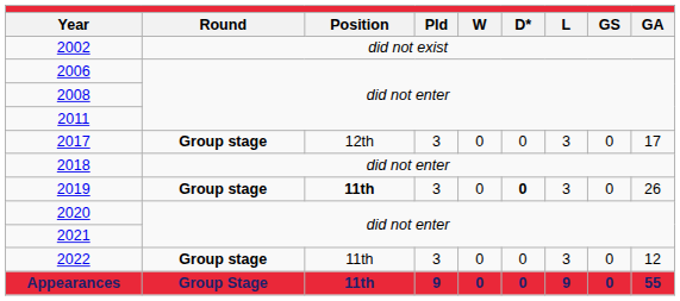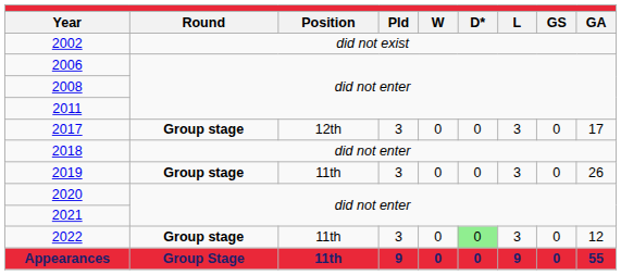 <table class="wikitable" style="text-align: center;font-size:90%;">
 <tr>
 <th colspan="9" style="background: #EA2839; color: #1A206D;"><a href='#'></a></th>
 </tr>
 <tr>
 <th width=125>Year</th>
 <th width=150>Round</th>
 <th width=100>Position</th>
 <th width=35>Pld</th>
 <th width=35>W</th>
 <th width=35>D*</th>
 <th width=35>L</th>
 <th width=35>GS</th>
 <th width=35>GA</th>
 </tr>
 <tr>
 <td> <a href='#'>2002</a></td>
 <td colspan ="8"><em>did not exist</em></td>
 </tr>
 <tr>
 <td> <a href='#'>2006</a></td>
 <td colspan ="8" rowspan="3"><em>did not enter</em></td>
 </tr>
 <tr>
 <td> <a href='#'>2008</a></td>
 </tr>
 <tr>
 <td> <a href='#'>2011</a></td>
 </tr>
 <tr>
 <td> <a href='#'>2017</a></td>
 <td><strong>Group stage</strong></td>
 <td>12th</td>
 <td>3</td>
 <td>0</td>
 <td>0</td>
 <td>3</td>
 <td>0</td>
 <td>17</td>
 </tr>
 <tr>
 <td> <a href='#'>2018</a></td>
 <td colspan ="8"><em>did not enter</em></td>
 </tr>
 <tr>
 <td> <a href='#'>2019</a></td>
 <td><strong>Group stage</strong></td>
-<td><strong>11th</strong></td>
+<td>11th</td>
 <td>3</td>
 <td>0</td>
-<td><strong>0</strong></td>
+<td>0</td>
 <td>3</td>
 <td>0</td>
 <td>26</td>
 </tr>
 <tr>
 <td> <a href='#'>2020</a></td>
 <td colspan ="8" rowspan="2"><em>did not enter</em></td>
 </tr>
 <tr>
 <td> <a href='#'>2021</a></td>
 </tr>
 <tr>
 <td> <a href='#'>2022</a></td>
 <td><strong>Group stage</strong></td>
 <td>11th</td>
 <td>3</td>
 <td>0</td>
-<td>0</td>
+<td style="background: lightgreen;">0</td>
 <td>3</td>
 <td>0</td>
 <td>12</td>
 </tr>
 <tr>
 <td colspan=1 style="background: #EA2839; color: #1A206D;"><strong>Appearances</strong></td>
 <td style="background: #EA2839; color: #1A206D;"><strong>Group Stage</strong></td>
 <td style="background: #EA2839; color: #1A206D;"><strong>11th</strong></td>
 <td style="background: #EA2839; color: #1A206D;"><strong>9</strong></td>
 <td style="background: #EA2839; color: #1A206D;"><strong>0</strong></td>
 <td style="background: #EA2839; color: #1A206D;"><strong>0</strong></td>
 <td style="background: #EA2839; color: #1A206D;"><strong>9</strong></td>
 <td style="background: #EA2839; color: #1A206D;"><strong>0</strong></td>
 <td style="background: #EA2839; color: #1A206D;"><strong>55</strong></td>
 </tr>
 </table>
